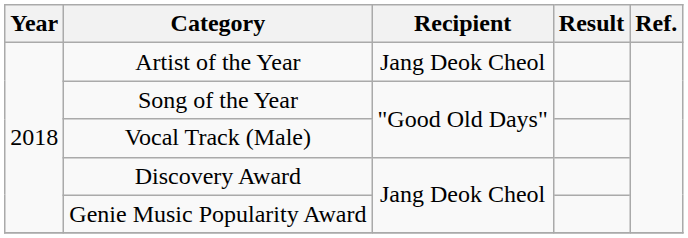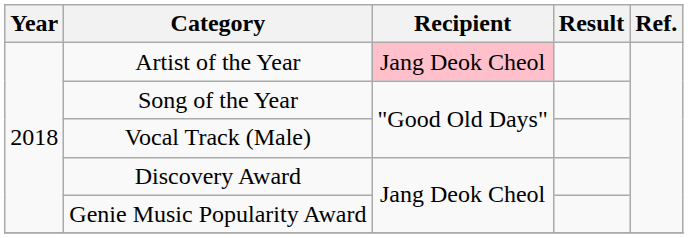 <table class="wikitable" style="text-align:center">
 <tr>
 <th>Year</th>
 <th>Category</th>
 <th>Recipient</th>
 <th>Result</th>
 <th>Ref.</th>
 </tr>
 <tr>
 <td rowspan=5>2018</td>
 <td>Artist of the Year</td>
-<td>Jang Deok Cheol</td>
+<td style="background: pink;">Jang Deok Cheol</td>
 <td></td>
 <td rowspan=5></td>
 </tr>
 <tr>
 <td>Song of the Year</td>
 <td rowspan=2>"Good Old Days"</td>
 <td></td>
 </tr>
 <tr>
 <td>Vocal Track (Male)</td>
 <td></td>
 </tr>
 <tr>
 <td>Discovery Award</td>
 <td rowspan="2">Jang Deok Cheol</td>
 <td></td>
 </tr>
 <tr>
 <td>Genie Music Popularity Award</td>
 <td></td>
 </tr>
 <tr>
 </tr>
 </table>
